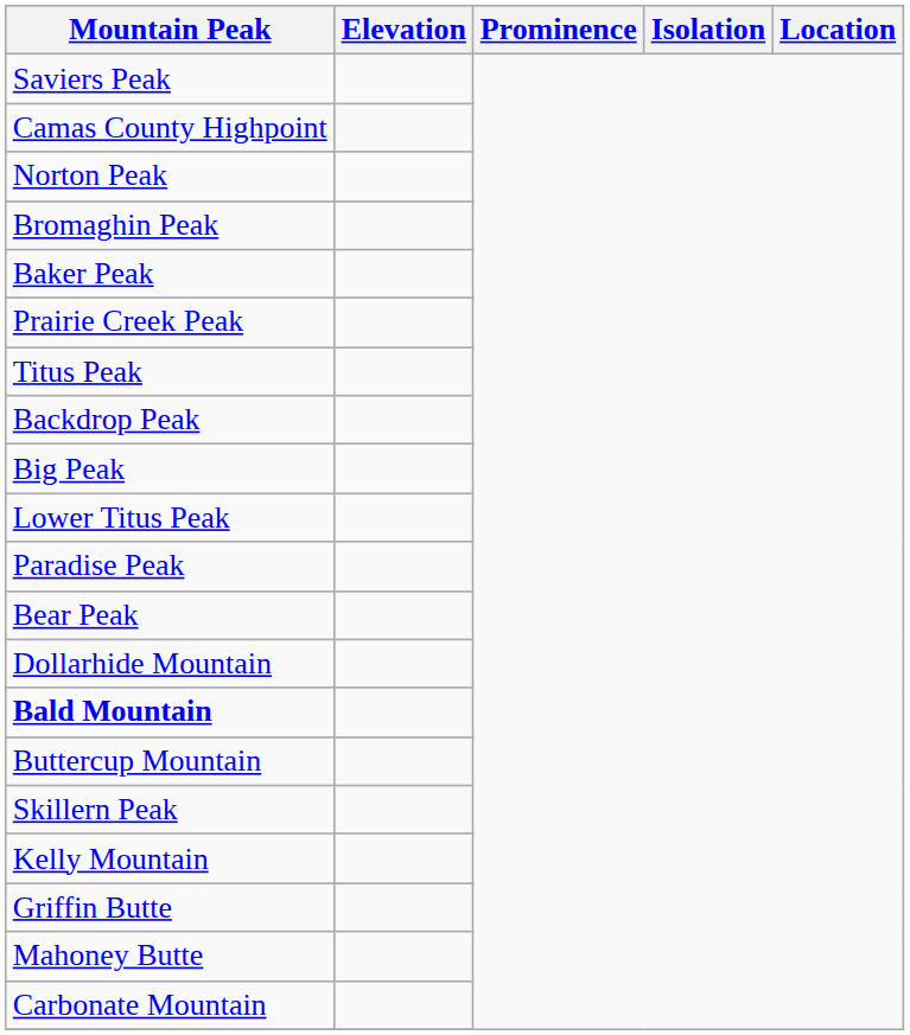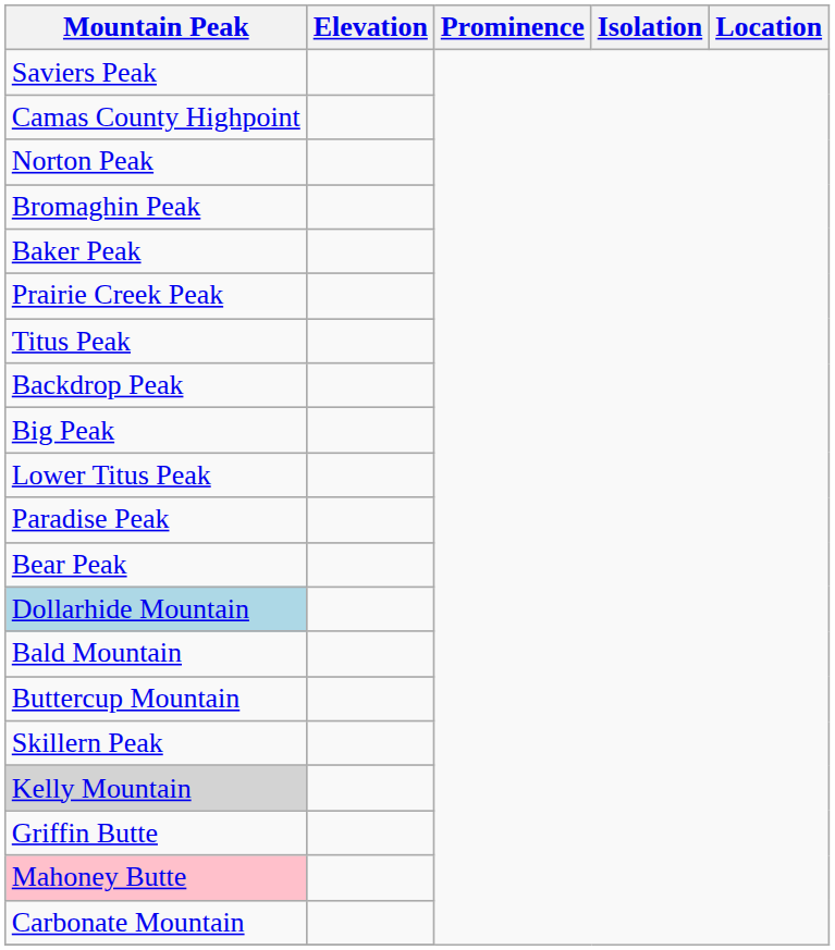 <table class="wikitable sortable">
 <tr>
 <th><a href='#'>Mountain Peak</a></th>
 <th><a href='#'>Elevation</a></th>
 <th><a href='#'>Prominence</a></th>
 <th><a href='#'>Isolation</a></th>
 <th><a href='#'>Location</a></th>
 </tr>
 <tr>
 <td><a href='#'>Saviers Peak</a><br></td>
 <td></td>
 </tr>
 <tr>
 <td><a href='#'>Camas County Highpoint</a><br></td>
 <td></td>
 </tr>
 <tr>
 <td><a href='#'>Norton Peak</a><br></td>
 <td></td>
 </tr>
 <tr>
 <td><a href='#'>Bromaghin Peak</a><br></td>
 <td></td>
 </tr>
 <tr>
 <td><a href='#'>Baker Peak</a><br></td>
 <td></td>
 </tr>
 <tr>
 <td><a href='#'>Prairie Creek Peak</a><br></td>
 <td></td>
 </tr>
 <tr>
 <td><a href='#'>Titus Peak</a><br></td>
 <td></td>
 </tr>
 <tr>
 <td><a href='#'>Backdrop Peak</a><br></td>
 <td></td>
 </tr>
 <tr>
 <td><a href='#'>Big Peak</a><br></td>
 <td></td>
 </tr>
 <tr>
 <td><a href='#'>Lower Titus Peak</a><br></td>
 <td></td>
 </tr>
 <tr>
 <td><a href='#'>Paradise Peak</a><br></td>
 <td></td>
 </tr>
 <tr>
 <td><a href='#'>Bear Peak</a><br></td>
 <td></td>
 </tr>
 <tr>
-<td><a href='#'>Dollarhide Mountain</a><br></td>
+<td style="background: lightblue;"><a href='#'>Dollarhide Mountain</a><br></td>
 <td></td>
 </tr>
 <tr>
-<td><strong><a href='#'>Bald Mountain</a><br></strong></td>
+<td><a href='#'>Bald Mountain</a><br></td>
 <td></td>
 </tr>
 <tr>
 <td><a href='#'>Buttercup Mountain</a><br></td>
 <td></td>
 </tr>
 <tr>
 <td><a href='#'>Skillern Peak</a><br></td>
 <td></td>
 </tr>
 <tr>
-<td><a href='#'>Kelly Mountain</a><br></td>
+<td style="background: lightgrey;"><a href='#'>Kelly Mountain</a><br></td>
 <td></td>
 </tr>
 <tr>
 <td><a href='#'>Griffin Butte</a><br></td>
 <td></td>
 </tr>
 <tr>
-<td><a href='#'>Mahoney Butte</a><br></td>
+<td style="background: pink;"><a href='#'>Mahoney Butte</a><br></td>
 <td></td>
 </tr>
 <tr>
 <td><a href='#'>Carbonate Mountain</a><br></td>
 <td></td>
 </tr>
 <tr>
 </tr>
 </table>
